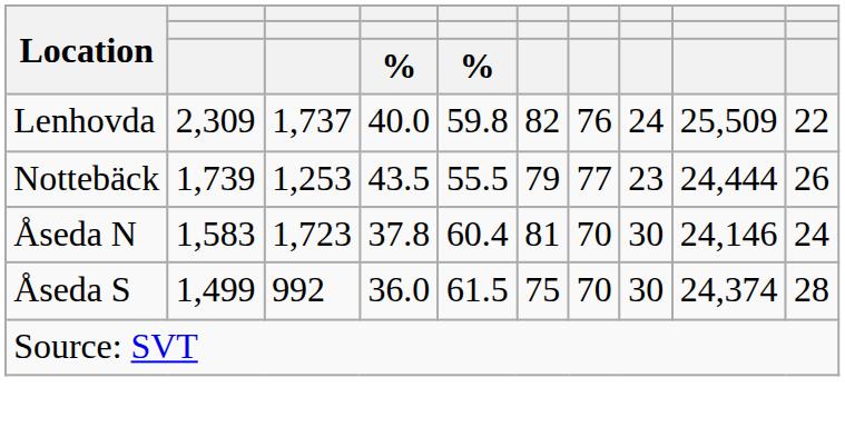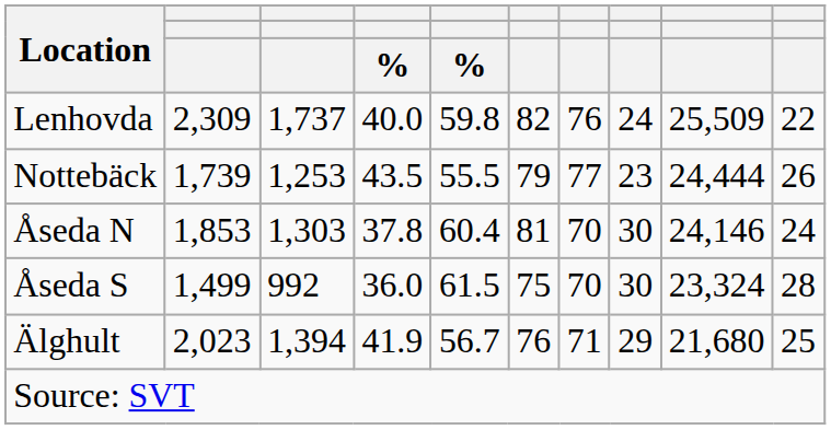 <table role="presentation" class="wikitable sortable mw-collapsible">
 <tr>
 <th rowspan="3">Location</th>
 <th></th>
 <th></th>
 <th></th>
 <th></th>
 <th></th>
 <th></th>
 <th></th>
 <th></th>
 <th></th>
 </tr>
 <tr>
 <th></th>
 <th></th>
 <th style="background:"></th>
 <th style="background:"></th>
 <th></th>
 <th></th>
 <th></th>
 <th></th>
 <th></th>
 </tr>
 <tr>
 <th data-sort-type="number"></th>
 <th data-sort-type="number"></th>
 <th data-sort-type="number">%</th>
 <th data-sort-type="number">%</th>
 <th data-sort-type="number"></th>
 <th data-sort-type="number"></th>
 <th data-sort-type="number"></th>
 <th data-sort-type="number"></th>
 <th data-sort-type="number"></th>
 </tr>
 <tr>
 <td align="left">Lenhovda</td>
 <td>2,309</td>
 <td>1,737</td>
 <td>40.0</td>
 <td>59.8</td>
 <td>82</td>
 <td>76</td>
 <td>24</td>
 <td>25,509</td>
 <td>22</td>
 </tr>
 <tr>
 <td align="left">Nottebäck</td>
 <td>1,739</td>
 <td>1,253</td>
 <td>43.5</td>
 <td>55.5</td>
 <td>79</td>
 <td>77</td>
 <td>23</td>
 <td>24,444</td>
 <td>26</td>
 </tr>
 <tr>
 <td align="left">Åseda N</td>
-<td>1,583</td>
-<td>1,723</td>
+<td>1,853</td>
+<td>1,303</td>
 <td>37.8</td>
 <td>60.4</td>
 <td>81</td>
 <td>70</td>
 <td>30</td>
 <td>24,146</td>
 <td>24</td>
 </tr>
 <tr>
 <td align="left">Åseda S</td>
 <td>1,499</td>
 <td>992</td>
 <td>36.0</td>
 <td>61.5</td>
 <td>75</td>
 <td>70</td>
 <td>30</td>
-<td>24,374</td>
+<td>23,324</td>
 <td>28</td>
+</tr>
+<tr>
+<td align="left">Älghult</td>
+<td>2,023</td>
+<td>1,394</td>
+<td>41.9</td>
+<td>56.7</td>
+<td>76</td>
+<td>71</td>
+<td>29</td>
+<td>21,680</td>
+<td>25</td>
 </tr>
 <tr>
 <td colspan="10" align="left">Source: <a href='#'>SVT</a></td>
 </tr>
 </table>
